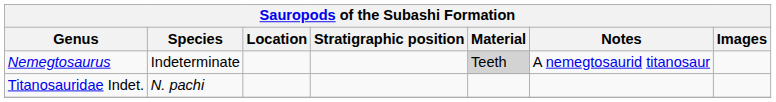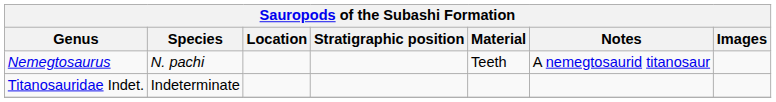 <table class="wikitable" align="center">
 <tr>
 <th colspan="7" align="center"><a href='#'>Sauropods</a> of the Subashi Formation</th>
 </tr>
 <tr>
 <th>Genus</th>
 <th>Species</th>
 <th>Location</th>
 <th>Stratigraphic position</th>
 <th>Material</th>
 <th>Notes</th>
 <th>Images</th>
 </tr>
 <tr>
 <td><em><a href='#'>Nemegtosaurus</a></em></td>
-<td>Indeterminate</td>
+<td><em>N. pachi</em></td>
 <td></td>
 <td></td>
-<td style="background: lightgrey;">Teeth</td>
+<td>Teeth</td>
 <td>A <a href='#'>nemegtosaurid</a> <a href='#'>titanosaur</a></td>
 <td></td>
 </tr>
 <tr>
 <td><a href='#'>Titanosauridae</a> Indet.</td>
-<td><em>N. pachi</em></td>
+<td>Indeterminate</td>
 <td></td>
 <td></td>
 <td></td>
 <td></td>
 <td></td>
 </tr>
 <tr>
 </tr>
 </table>
